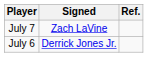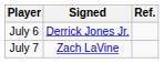 <table class="wikitable sortable sortable" style="text-align: center">
 <tr>
 <th>Player</th>
 <th>Signed</th>
 <th>Ref.</th>
 </tr>
 <tr>
+<td>July 6</td>
+<td><a href='#'>Derrick Jones Jr.</a></td>
+<td></td>
+</tr>
+<tr>
 <td>July 7</td>
 <td><a href='#'>Zach LaVine</a></td>
 <td></td>
 </tr>
-<tr>
-<td>July 6</td>
-<td><a href='#'>Derrick Jones Jr.</a></td>
-<td></td>
-</tr>
 </table>
